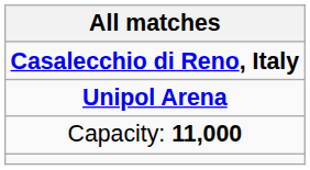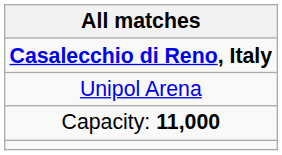 <table class="wikitable" style="text-align:center">
 <tr>
 <th>All matches</th>
 </tr>
 <tr>
 <td><strong><a href='#'>Casalecchio di Reno</a>, Italy</strong></td>
 </tr>
 <tr>
-<td><strong><a href='#'>Unipol Arena</a></strong></td>
+<td><a href='#'>Unipol Arena</a></td>
 </tr>
 <tr>
 <td>Capacity: <strong>11,000</strong></td>
 </tr>
 <tr>
 <td></td>
 </tr>
 </table>
